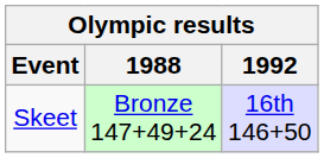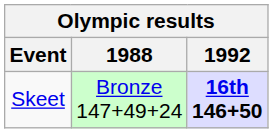 <table class="wikitable" style="text-align: center">
 <tr>
 <th colspan=3>Olympic results</th>
 </tr>
 <tr>
 <th>Event</th>
 <th>1988</th>
 <th>1992</th>
 </tr>
 <tr>
 <td><a href='#'>Skeet</a></td>
 <td style="background: #ccffcc"> <a href='#'>Bronze</a><br>147+49+24</td>
-<td style="background: #ddddff"><a href='#'>16th</a><br>146+50</td>
+<td style="background: #ddddff"><strong><a href='#'>16th</a><br>146+50</strong></td>
 </tr>
 </table>
